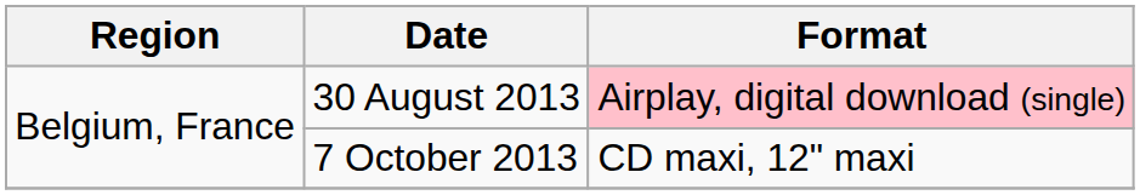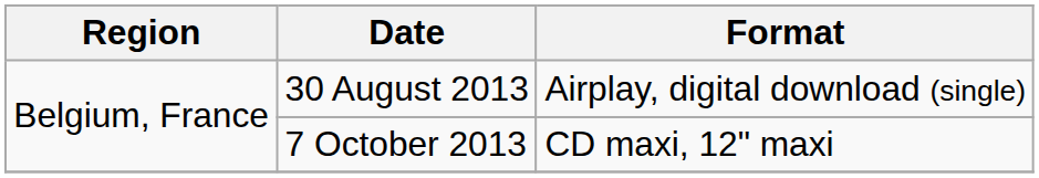 <table class="wikitable">
 <tr>
 <th>Region</th>
 <th>Date</th>
 <th>Format</th>
 </tr>
 <tr>
 <td rowspan="2">Belgium, France</td>
 <td>30 August 2013</td>
-<td style="background: pink;">Airplay, digital download <small>(single)</small></td>
+<td>Airplay, digital download <small>(single)</small></td>
 </tr>
 <tr>
 <td>7 October 2013</td>
 <td>CD maxi, 12" maxi</td>
 </tr>
 <tr>
 </tr>
 </table>
